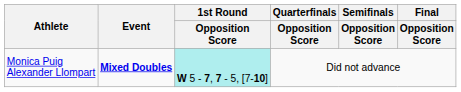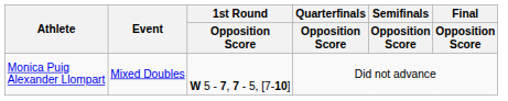 <table class="wikitable" border="1" style="font-size:90%">
 <tr>
 <th rowspan=2>Athlete</th>
 <th rowspan=2>Event</th>
 <th>1st Round</th>
 <th>Quarterfinals</th>
 <th>Semifinals</th>
 <th>Final</th>
 </tr>
 <tr>
 <th>Opposition<br>Score</th>
 <th>Opposition<br>Score</th>
 <th>Opposition<br>Score</th>
 <th>Opposition<br>Score</th>
 </tr>
 <tr>
 <td><a href='#'>Monica Puig</a><br><a href='#'>Alexander Llompart</a></td>
-<td><strong><a href='#'>Mixed Doubles</a></strong></td>
-<td align=center style="background: paleturquoise;"><br><br><strong>W</strong> 5 - <strong>7</strong>, <strong>7</strong> - 5, [7-<strong>10</strong>]</td>
+<td><a href='#'>Mixed Doubles</a></td>
+<td align=center><br><br><strong>W</strong> 5 - <strong>7</strong>, <strong>7</strong> - 5, [7-<strong>10</strong>]</td>
 <td align="center" colspan="7">Did not advance</td>
 </tr>
 </table>
